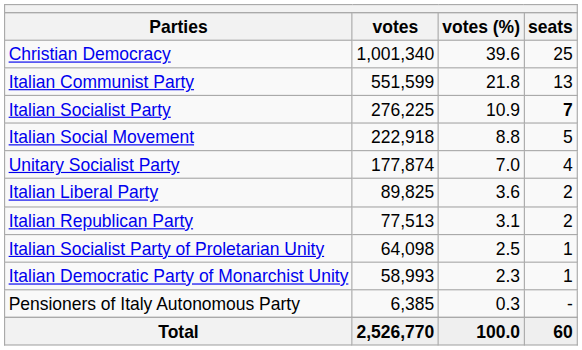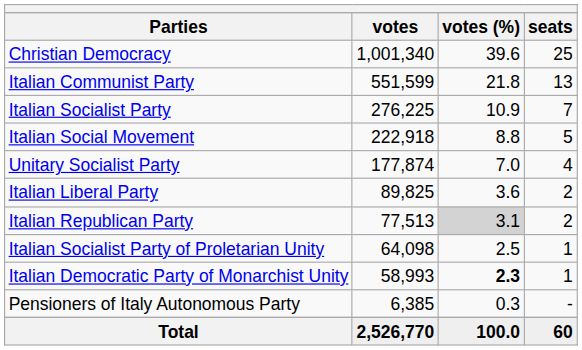 <table class="wikitable" style="font-size:95%">
 <tr>
 <th colspan=4></th>
 </tr>
 <tr>
 </tr>
 <tr bgcolor="EFEFEF">
 <th>Parties</th>
 <th>votes</th>
 <th>votes (%)</th>
 <th>seats</th>
 </tr>
 <tr>
 <td><a href='#'>Christian Democracy</a></td>
 <td align=right>1,001,340</td>
 <td align=right>39.6</td>
 <td align=right>25</td>
 </tr>
 <tr>
 <td><a href='#'>Italian Communist Party</a></td>
 <td align=right>551,599</td>
 <td align=right>21.8</td>
 <td align=right>13</td>
 </tr>
 <tr>
 <td><a href='#'>Italian Socialist Party</a></td>
 <td align=right>276,225</td>
 <td align=right>10.9</td>
-<td align=right><strong>7</strong></td>
+<td align=right>7</td>
 </tr>
 <tr>
 <td><a href='#'>Italian Social Movement</a></td>
 <td align=right>222,918</td>
 <td align=right>8.8</td>
 <td align=right>5</td>
 </tr>
 <tr>
 <td><a href='#'>Unitary Socialist Party</a></td>
 <td align=right>177,874</td>
 <td align=right>7.0</td>
 <td align=right>4</td>
 </tr>
 <tr>
 <td><a href='#'>Italian Liberal Party</a></td>
 <td align=right>89,825</td>
 <td align=right>3.6</td>
 <td align=right>2</td>
 </tr>
 <tr>
 <td><a href='#'>Italian Republican Party</a></td>
 <td align=right>77,513</td>
-<td align=right>3.1</td>
+<td align=right style="background: lightgrey;">3.1</td>
 <td align=right>2</td>
 </tr>
 <tr>
 <td><a href='#'>Italian Socialist Party of Proletarian Unity</a></td>
 <td align=right>64,098</td>
 <td align=right>2.5</td>
 <td align=right>1</td>
 </tr>
 <tr>
 <td><a href='#'>Italian Democratic Party of Monarchist Unity</a></td>
 <td align=right>58,993</td>
-<td align=right>2.3</td>
+<td align=right><strong>2.3</strong></td>
 <td align=right>1</td>
 </tr>
 <tr>
 <td>Pensioners of Italy Autonomous Party</td>
 <td align=right>6,385</td>
 <td align=right>0.3</td>
 <td align=right>-</td>
 </tr>
 <tr>
 </tr>
 <tr bgcolor="EFEFEF">
 <th><strong>Total</strong></th>
 <td align=right><strong>2,526,770</strong></td>
 <td align=right><strong>100.0</strong></td>
 <td align=right><strong>60</strong></td>
 </tr>
 </table>
